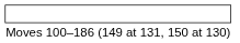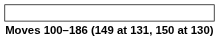 <table style="display:inline; display:inline-table;">
 <tr>
 <td style="border: solid thin; padding: 2px;"><br></td>
 </tr>
 <tr>
-<td style="text-align:center">Moves 100–186 (149 at 131, 150 at 130)</td>
+<td style="text-align:center"><strong>Moves 100–186 (149 at 131, 150 at 130)</strong></td>
 </tr>
 </table>
